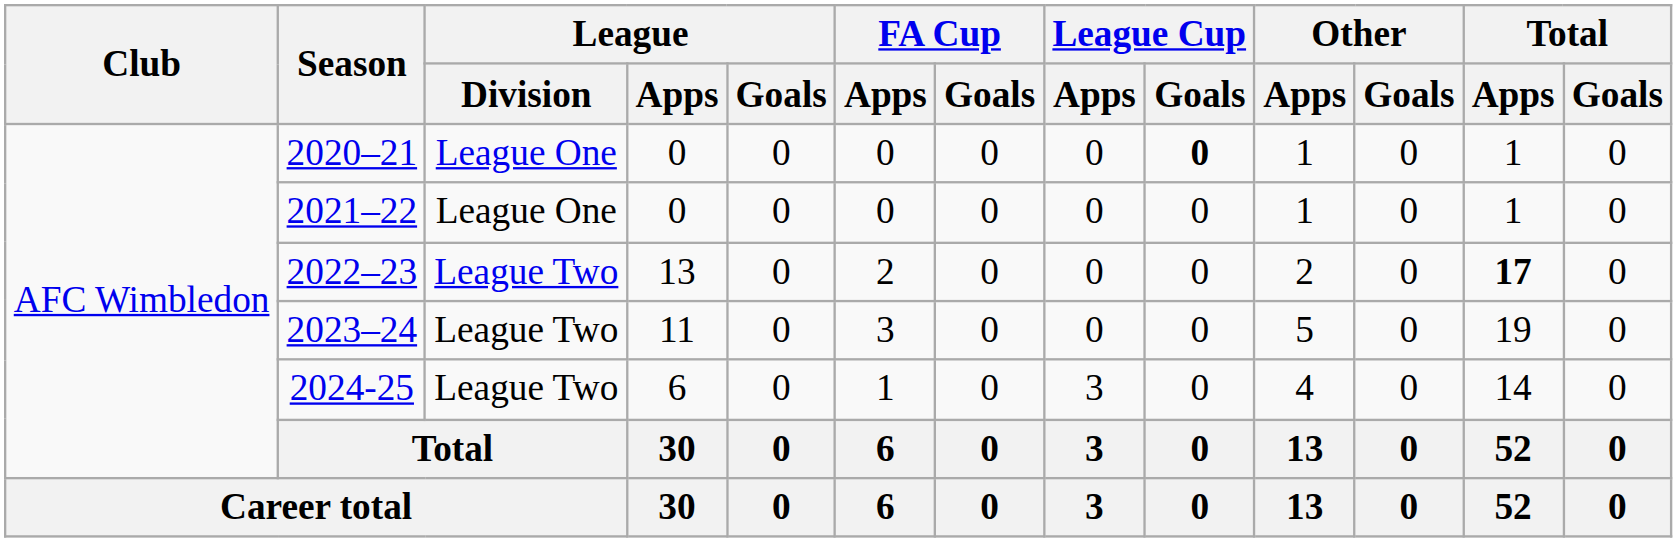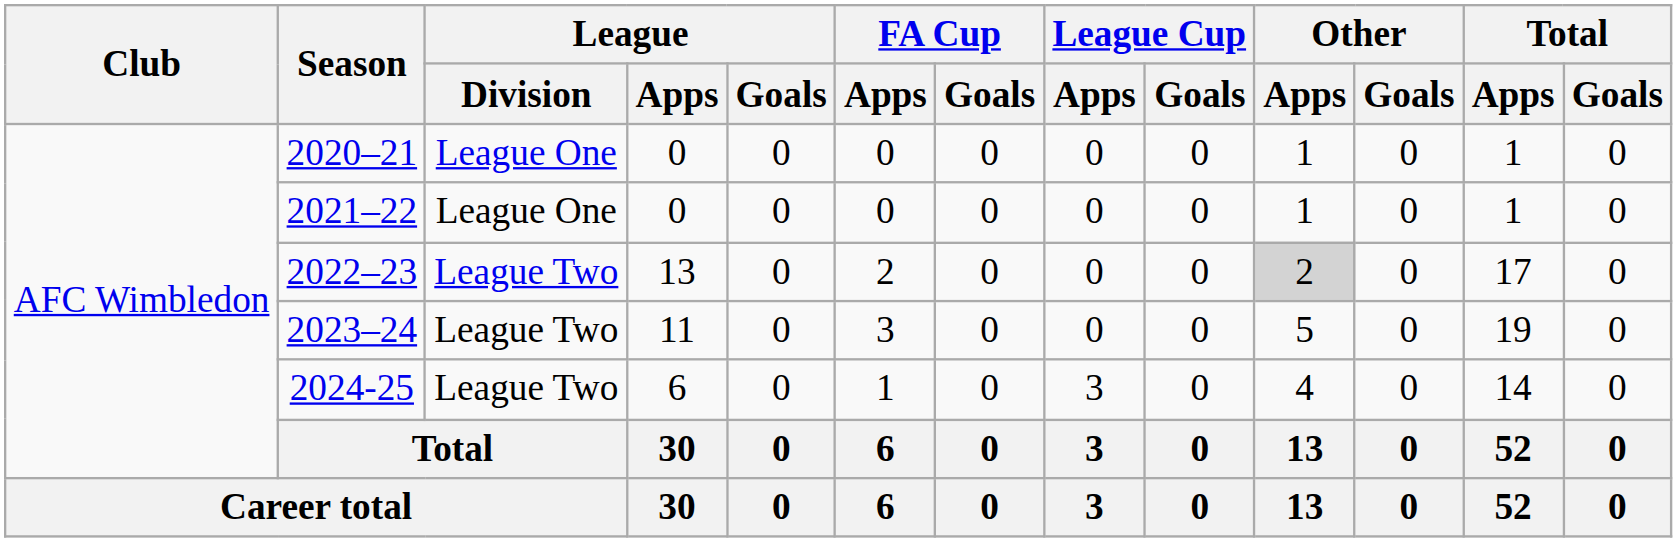 <table class="wikitable" style="text-align: center">
 <tr>
 <th rowspan="2">Club</th>
 <th rowspan="2">Season</th>
 <th colspan="3">League</th>
 <th colspan="2"><a href='#'>FA Cup</a></th>
 <th colspan="2"><a href='#'>League Cup</a></th>
 <th colspan="2">Other</th>
 <th colspan="2">Total</th>
 </tr>
 <tr>
 <th>Division</th>
 <th>Apps</th>
 <th>Goals</th>
 <th>Apps</th>
 <th>Goals</th>
 <th>Apps</th>
 <th>Goals</th>
 <th>Apps</th>
 <th>Goals</th>
 <th>Apps</th>
 <th>Goals</th>
 </tr>
 <tr>
 <td rowspan="6"><a href='#'>AFC Wimbledon</a></td>
 <td><a href='#'>2020–21</a></td>
 <td><a href='#'>League One</a></td>
 <td>0</td>
 <td>0</td>
 <td>0</td>
 <td>0</td>
 <td>0</td>
-<td><strong>0</strong></td>
+<td>0</td>
 <td>1</td>
 <td>0</td>
 <td>1</td>
 <td>0</td>
 </tr>
 <tr>
 <td><a href='#'>2021–22</a></td>
 <td>League One</td>
 <td>0</td>
 <td>0</td>
 <td>0</td>
 <td>0</td>
 <td>0</td>
 <td>0</td>
 <td>1</td>
 <td>0</td>
 <td>1</td>
 <td>0</td>
 </tr>
 <tr>
 <td><a href='#'>2022–23</a></td>
 <td><a href='#'>League Two</a></td>
 <td>13</td>
 <td>0</td>
 <td>2</td>
 <td>0</td>
 <td>0</td>
 <td>0</td>
-<td>2</td>
+<td style="background: lightgrey;">2</td>
 <td>0</td>
-<td><strong>17</strong></td>
+<td>17</td>
 <td>0</td>
 </tr>
 <tr>
 <td><a href='#'>2023–24</a></td>
 <td>League Two</td>
 <td>11</td>
 <td>0</td>
 <td>3</td>
 <td>0</td>
 <td>0</td>
 <td>0</td>
 <td>5</td>
 <td>0</td>
 <td>19</td>
 <td>0</td>
 </tr>
 <tr>
 <td><a href='#'>2024-25</a></td>
 <td>League Two</td>
 <td>6</td>
 <td>0</td>
 <td>1</td>
 <td>0</td>
 <td>3</td>
 <td>0</td>
 <td>4</td>
 <td>0</td>
 <td>14</td>
 <td>0</td>
 </tr>
 <tr>
 <th colspan="2">Total</th>
 <th>30</th>
 <th>0</th>
 <th>6</th>
 <th>0</th>
 <th>3</th>
 <th>0</th>
 <th>13</th>
 <th>0</th>
 <th>52</th>
 <th>0</th>
 </tr>
 <tr>
 <th colspan="3">Career total</th>
 <th>30</th>
 <th>0</th>
 <th>6</th>
 <th>0</th>
 <th>3</th>
 <th>0</th>
 <th>13</th>
 <th>0</th>
 <th>52</th>
 <th>0</th>
 </tr>
 </table>
